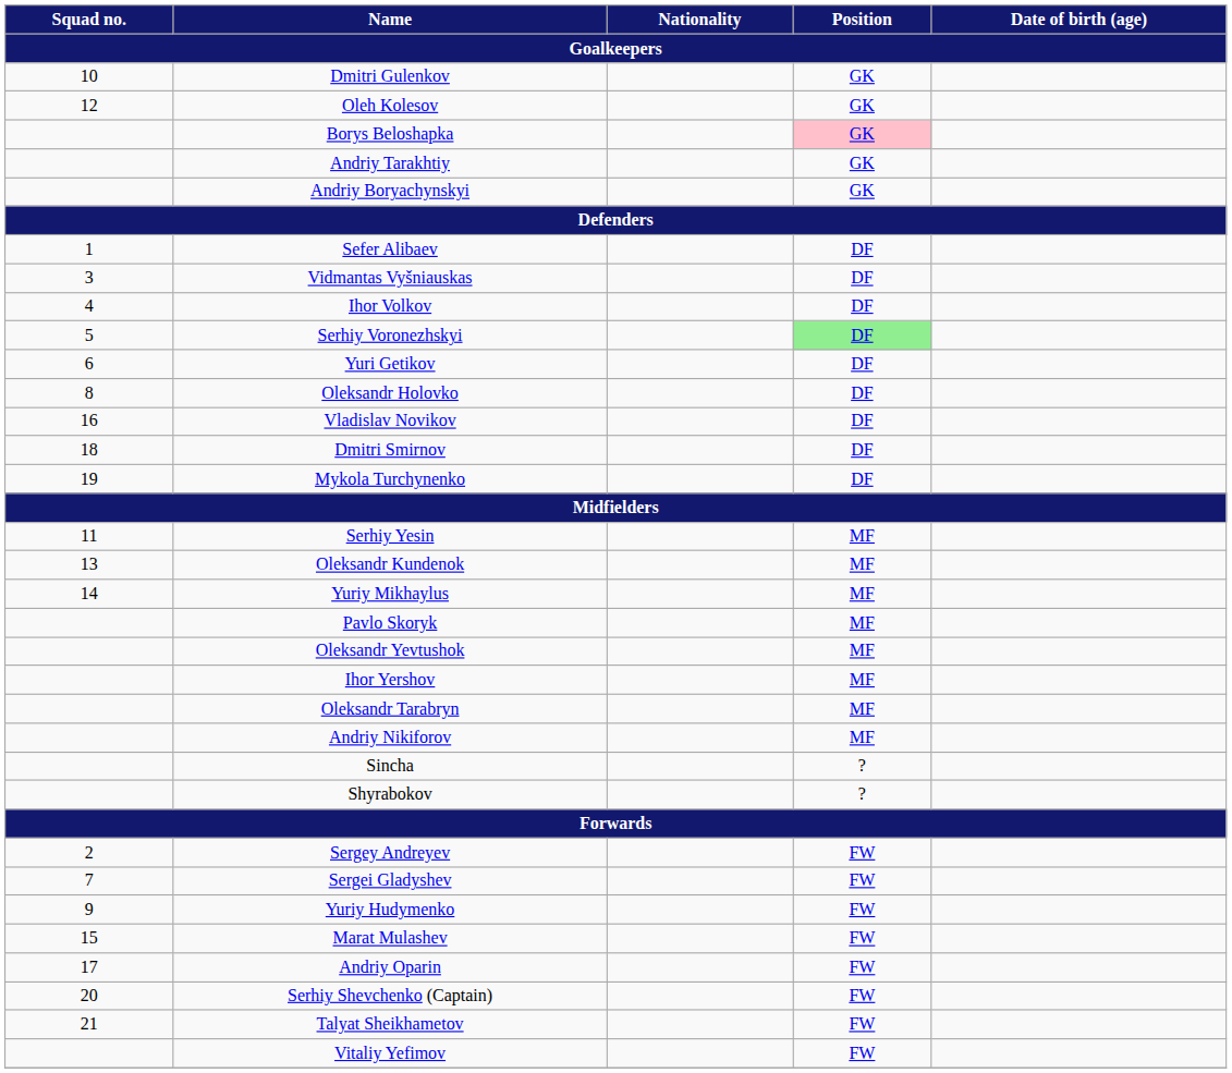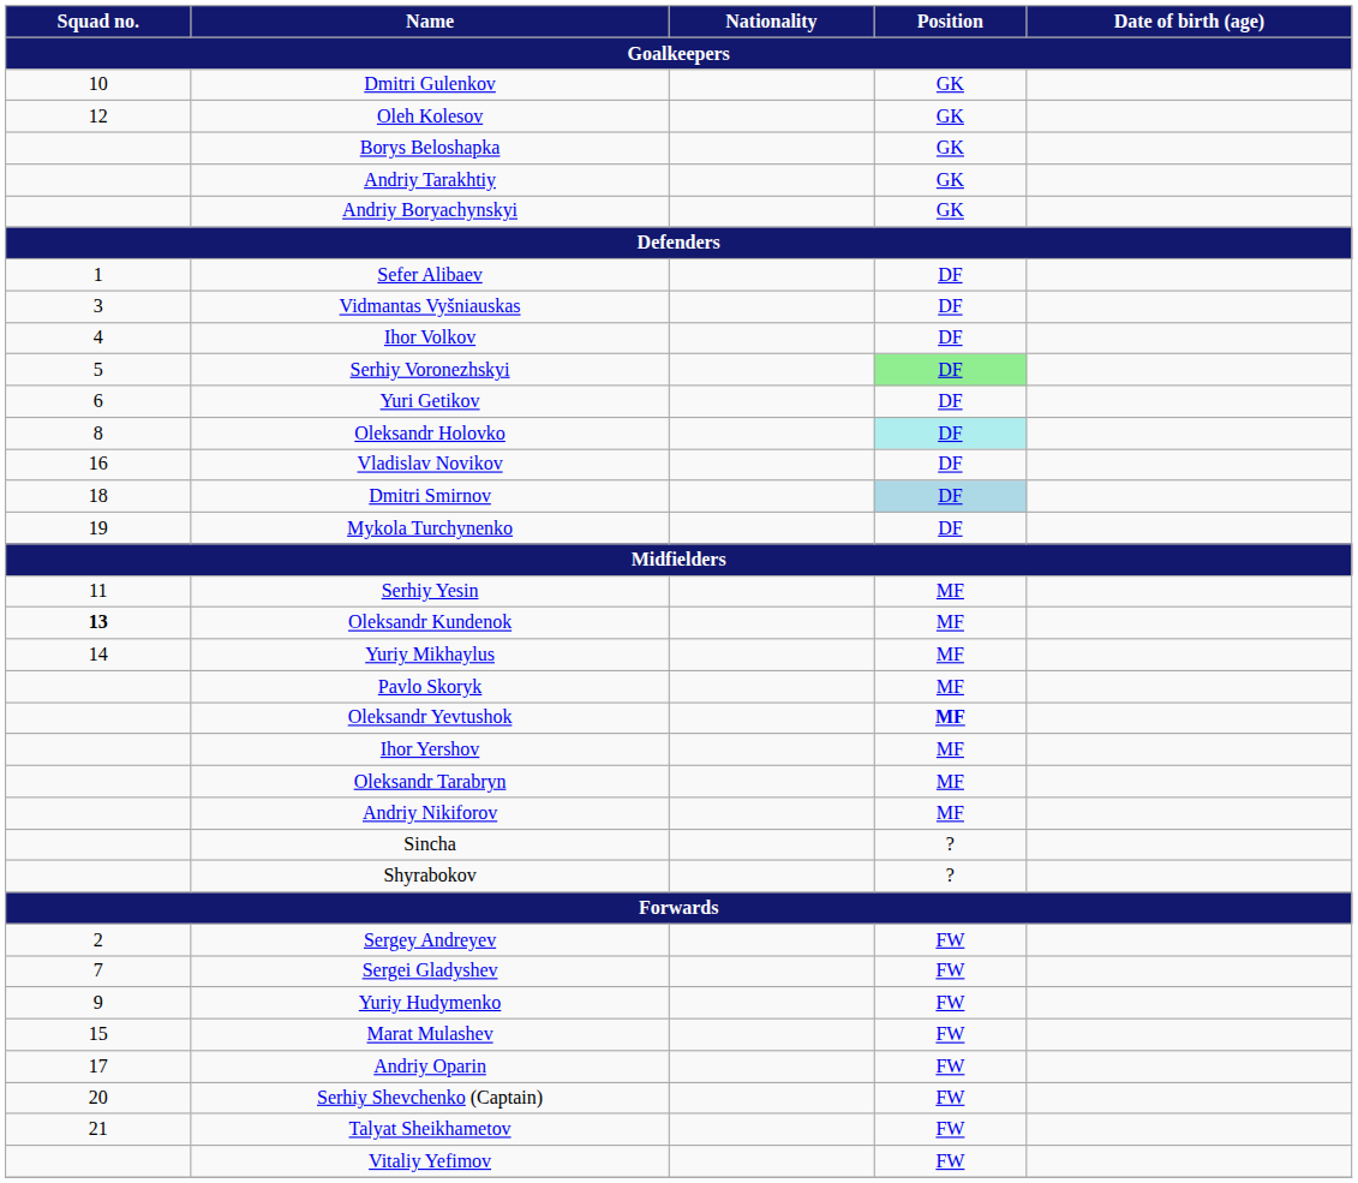 <table class="wikitable" style="text-align:center; font-size:90%; width:80%">
 <tr>
 <th style="background:#12186E; color:white; text-align:center">Squad no.</th>
 <th style="background:#12186E; color:white; text-align:center">Name</th>
 <th style="background:#12186E; color:white; text-align:center">Nationality</th>
 <th style="background:#12186E; color:white; text-align:center">Position</th>
 <th style="background:#12186E; color:white; text-align:center">Date of birth (age)</th>
 </tr>
 <tr>
 <th colspan="6" style="background:#12186E; color:white; bordercolor=red; text-align:center">Goalkeepers</th>
 </tr>
 <tr>
 <td>10</td>
 <td><a href='#'>Dmitri Gulenkov</a></td>
 <td></td>
 <td><a href='#'>GK</a></td>
 <td></td>
 </tr>
 <tr>
 <td>12</td>
 <td><a href='#'>Oleh Kolesov</a></td>
 <td></td>
 <td><a href='#'>GK</a></td>
 <td></td>
 </tr>
 <tr>
 <td></td>
 <td><a href='#'>Borys Beloshapka</a></td>
 <td></td>
-<td style="background: pink;"><a href='#'>GK</a></td>
+<td><a href='#'>GK</a></td>
 <td></td>
 </tr>
 <tr>
 <td></td>
 <td><a href='#'>Andriy Tarakhtiy</a></td>
 <td></td>
 <td><a href='#'>GK</a></td>
 <td></td>
 </tr>
 <tr>
 <td></td>
 <td><a href='#'>Andriy Boryachynskyi</a></td>
 <td></td>
 <td><a href='#'>GK</a></td>
 <td></td>
 </tr>
 <tr>
 <th colspan="6" style="background:#12186E; color:white; text-align:center">Defenders</th>
 </tr>
 <tr>
 <td>1</td>
 <td><a href='#'>Sefer Alibaev</a></td>
 <td></td>
 <td><a href='#'>DF</a></td>
 <td></td>
 </tr>
 <tr>
 <td>3</td>
 <td><a href='#'>Vidmantas Vyšniauskas</a></td>
 <td></td>
 <td><a href='#'>DF</a></td>
 <td></td>
 </tr>
 <tr>
 <td>4</td>
 <td><a href='#'>Ihor Volkov</a></td>
 <td></td>
 <td><a href='#'>DF</a></td>
 <td></td>
 </tr>
 <tr>
 <td>5</td>
 <td><a href='#'>Serhiy Voronezhskyi</a></td>
 <td></td>
 <td style="background: lightgreen;"><a href='#'>DF</a></td>
 <td></td>
 </tr>
 <tr>
 <td>6</td>
 <td><a href='#'>Yuri Getikov</a></td>
 <td></td>
 <td><a href='#'>DF</a></td>
 <td></td>
 </tr>
 <tr>
 <td>8</td>
 <td><a href='#'>Oleksandr Holovko</a></td>
 <td></td>
-<td><a href='#'>DF</a></td>
+<td style="background: paleturquoise;"><a href='#'>DF</a></td>
 <td></td>
 </tr>
 <tr>
 <td>16</td>
 <td><a href='#'>Vladislav Novikov</a></td>
 <td></td>
 <td><a href='#'>DF</a></td>
 <td></td>
 </tr>
 <tr>
 <td>18</td>
 <td><a href='#'>Dmitri Smirnov</a></td>
 <td></td>
-<td><a href='#'>DF</a></td>
+<td style="background: lightblue;"><a href='#'>DF</a></td>
 <td></td>
 </tr>
 <tr>
 <td>19</td>
 <td><a href='#'>Mykola Turchynenko</a></td>
 <td></td>
 <td><a href='#'>DF</a></td>
 <td></td>
 </tr>
 <tr>
 <th colspan="6" style="background:#12186E; color:white; text-align:center">Midfielders</th>
 </tr>
 <tr>
 <td>11</td>
 <td><a href='#'>Serhiy Yesin</a></td>
 <td></td>
 <td><a href='#'>MF</a></td>
 <td></td>
 </tr>
 <tr>
-<td>13</td>
+<td><strong>13</strong></td>
 <td><a href='#'>Oleksandr Kundenok</a></td>
 <td></td>
 <td><a href='#'>MF</a></td>
 <td></td>
 </tr>
 <tr>
 <td>14</td>
 <td><a href='#'>Yuriy Mikhaylus</a></td>
 <td></td>
 <td><a href='#'>MF</a></td>
 <td></td>
 </tr>
 <tr>
 <td></td>
 <td><a href='#'>Pavlo Skoryk</a></td>
 <td></td>
 <td><a href='#'>MF</a></td>
 <td></td>
 </tr>
 <tr>
 <td></td>
 <td><a href='#'>Oleksandr Yevtushok</a></td>
 <td></td>
-<td><a href='#'>MF</a></td>
+<td><strong><a href='#'>MF</a></strong></td>
 <td></td>
 </tr>
 <tr>
 <td></td>
 <td><a href='#'>Ihor Yershov</a></td>
 <td></td>
 <td><a href='#'>MF</a></td>
 <td></td>
 </tr>
 <tr>
 <td></td>
 <td><a href='#'>Oleksandr Tarabryn</a></td>
 <td></td>
 <td><a href='#'>MF</a></td>
 <td></td>
 </tr>
 <tr>
 <td></td>
 <td><a href='#'>Andriy Nikiforov</a></td>
 <td></td>
 <td><a href='#'>MF</a></td>
 <td></td>
 </tr>
 <tr>
 <td></td>
 <td>Sincha</td>
 <td></td>
 <td>?</td>
 <td></td>
 </tr>
 <tr>
 <td></td>
 <td>Shyrabokov</td>
 <td></td>
 <td>?</td>
 <td></td>
 </tr>
 <tr>
 <th colspan="7" style="background:#12186E; color:white; text-align:center">Forwards</th>
 </tr>
 <tr>
 <td>2</td>
 <td><a href='#'>Sergey Andreyev</a></td>
 <td></td>
 <td><a href='#'>FW</a></td>
 <td></td>
 </tr>
 <tr>
 <td>7</td>
 <td><a href='#'>Sergei Gladyshev</a></td>
 <td></td>
 <td><a href='#'>FW</a></td>
 <td></td>
 </tr>
 <tr>
 <td>9</td>
 <td><a href='#'>Yuriy Hudymenko</a></td>
 <td></td>
 <td><a href='#'>FW</a></td>
 <td></td>
 </tr>
 <tr>
 <td>15</td>
 <td><a href='#'>Marat Mulashev</a></td>
 <td></td>
 <td><a href='#'>FW</a></td>
 <td></td>
 </tr>
 <tr>
 <td>17</td>
 <td><a href='#'>Andriy Oparin</a></td>
 <td></td>
 <td><a href='#'>FW</a></td>
 <td></td>
 </tr>
 <tr>
 <td>20</td>
 <td><a href='#'>Serhiy Shevchenko</a> (Captain)</td>
 <td></td>
 <td><a href='#'>FW</a></td>
 <td></td>
 </tr>
 <tr>
 <td>21</td>
 <td><a href='#'>Talyat Sheikhametov</a></td>
 <td></td>
 <td><a href='#'>FW</a></td>
 <td></td>
 </tr>
 <tr>
 <td></td>
 <td><a href='#'>Vitaliy Yefimov</a></td>
 <td></td>
 <td><a href='#'>FW</a></td>
 <td></td>
 </tr>
 <tr>
 </tr>
 </table>
